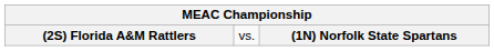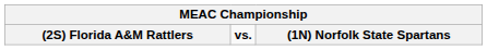 <table class="wikitable">
 <tr>
 <th style="width: 604px;" colspan=3>MEAC Championship</th>
 </tr>
 <tr>
 <th style="width: 289px; ">(2S) Florida A&M Rattlers</th>
-<td style="width: 25px; text-align:center">vs.</td>
+<td style="width: 25px; text-align:center"><strong>vs.</strong></td>
 <th style="width: 289px; ">(1N) Norfolk State Spartans</th>
 </tr>
 </table>
